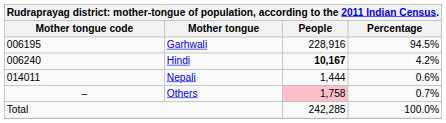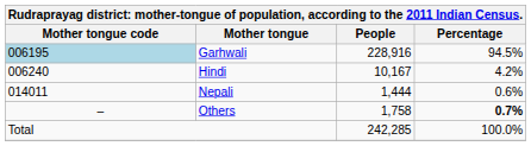 <table class="wikitable sortable mw-collapsible mw-collapsed">
 <tr valign=top>
 <th colspan=4>Rudraprayag district: mother-tongue of population, according to the <a href='#'>2011 Indian Census</a>.</th>
 </tr>
 <tr valign=top>
 <th>Mother tongue code</th>
 <th>Mother tongue</th>
 <th>People</th>
 <th>Percentage</th>
 </tr>
 <tr valign=top>
-<td>006195</td>
+<td style="background: lightblue;">006195</td>
 <td><a href='#'>Garhwali</a></td>
 <td align=right>228,916</td>
 <td align=right>94.5%</td>
 </tr>
 <tr valign=top>
 <td>006240</td>
 <td><a href='#'>Hindi</a></td>
-<td align=right><strong>10,167</strong></td>
+<td align=right>10,167</td>
 <td align=right>4.2%</td>
 </tr>
 <tr valign=top>
 <td>014011</td>
 <td><a href='#'>Nepali</a></td>
 <td align=right>1,444</td>
 <td align=right>0.6%</td>
 </tr>
 <tr valign="top">
 <td align="center">–</td>
 <td><a href='#'>Others</a></td>
-<td align="right" style="background: pink;">1,758</td>
-<td align="right">0.7%</td>
+<td align="right">1,758</td>
+<td align="right"><strong>0.7%</strong></td>
 </tr>
 <tr valign=top class=sortbottom>
 <td colspan=2>Total</td>
 <td align=right>242,285</td>
 <td align=right>100.0%</td>
 </tr>
 <tr>
 </tr>
 </table>
